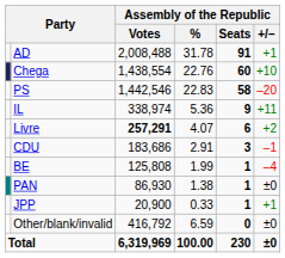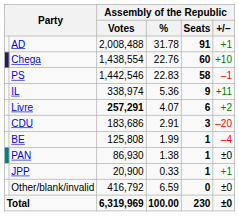 <table class="wikitable" style="text-align:right; font-size:95%;">
 <tr>
 <th colspan="2" rowspan="2">Party</th>
 <th colspan="4">Assembly of the Republic</th>
 </tr>
 <tr>
 <th>Votes</th>
 <th>%</th>
 <th>Seats</th>
 <th>+/−</th>
 </tr>
 <tr>
 <td style="background:"></td>
 <td align="left"><a href='#'>AD</a></td>
 <td>2,008,488</td>
 <td>31.78</td>
 <td><strong>91</strong></td>
 <td style="color:green;">+1</td>
 </tr>
 <tr>
 <td style="background:#202056;"></td>
 <td align="left"><a href='#'>Chega</a></td>
 <td>1,438,554</td>
 <td>22.76</td>
 <td><strong>60</strong></td>
 <td style="color:green;">+10</td>
 </tr>
 <tr>
 <td style="background:"></td>
 <td align="left"><a href='#'>PS</a></td>
 <td>1,442,546</td>
 <td>22.83</td>
 <td><strong>58</strong></td>
-<td style="color:red;">–20</td>
+<td style="color:red;">–1</td>
 </tr>
 <tr>
 <td style="background:"></td>
 <td align="left"><a href='#'>IL</a></td>
 <td>338,974</td>
 <td>5.36</td>
 <td><strong>9</strong></td>
 <td style="color:green;">+11</td>
 </tr>
 <tr>
 <td style="background:"></td>
 <td align="left"><a href='#'>Livre</a></td>
 <td><strong>257,291</strong></td>
 <td>4.07</td>
 <td><strong>6</strong></td>
 <td style="color:green;">+2</td>
 </tr>
 <tr>
 <td style="background:"></td>
 <td align="left"><a href='#'>CDU</a></td>
 <td>183,686</td>
 <td>2.91</td>
 <td><strong>3</strong></td>
-<td style="color:red;">–1</td>
+<td style="color:red;">–20</td>
 </tr>
 <tr>
 <td style="background:"></td>
 <td align="left"><a href='#'>BE</a></td>
 <td>125,808</td>
 <td>1.99</td>
 <td><strong>1</strong></td>
 <td style="color:red;">–4</td>
 </tr>
 <tr>
 <td style="background:teal;"></td>
 <td align="left"><a href='#'>PAN</a></td>
 <td>86,930</td>
 <td>1.38</td>
 <td><strong>1</strong></td>
 <td>±0</td>
 </tr>
 <tr>
 <td style="background:"></td>
 <td align="left"><a href='#'>JPP</a></td>
 <td>20,900</td>
 <td>0.33</td>
 <td><strong>1</strong></td>
 <td style="color:green;">+1</td>
 </tr>
 <tr>
 <td style="background:white;"></td>
 <td align="left">Other/blank/invalid</td>
 <td>416,792</td>
 <td>6.59</td>
 <td><strong>0</strong></td>
 <td>±0</td>
 </tr>
 <tr style="font-weight:bold">
 <td colspan="2" align="left">Total</td>
 <td>6,319,969</td>
 <td>100.00</td>
 <td>230</td>
 <td>±0</td>
 </tr>
 </table>
